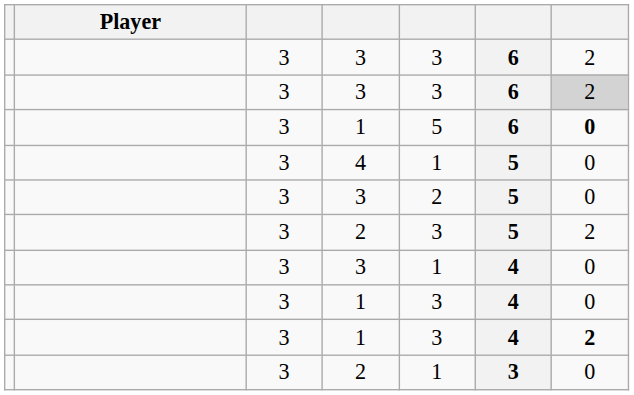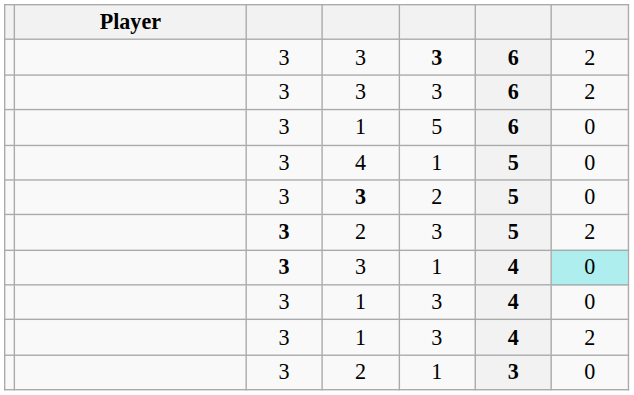 <table class="wikitable sortable" style="text-align: center">
 <tr>
 <th></th>
 <th style="width: 10em;">Player</th>
 <th style="width: 3em;"></th>
 <th style="width: 3em;"></th>
 <th style="width: 3em;"></th>
 <th style="width: 3em;"></th>
 <th style="width: 3em;"></th>
 </tr>
 <tr>
 <td></td>
 <td align="left"></td>
 <td>3</td>
 <td>3</td>
-<td>3</td>
+<td><strong>3</strong></td>
 <th>6</th>
 <td>2</td>
 </tr>
 <tr>
 <td></td>
 <td align="left"></td>
 <td>3</td>
 <td>3</td>
 <td>3</td>
 <th>6</th>
-<td style="background: lightgrey;">2</td>
+<td>2</td>
 </tr>
 <tr>
 <td></td>
 <td align="left"></td>
 <td>3</td>
 <td>1</td>
 <td>5</td>
 <th>6</th>
-<td><strong>0</strong></td>
+<td>0</td>
 </tr>
 <tr>
 <td></td>
 <td align="left"></td>
 <td>3</td>
 <td>4</td>
 <td>1</td>
 <th>5</th>
 <td>0</td>
 </tr>
 <tr>
 <td></td>
 <td align="left"></td>
 <td>3</td>
-<td>3</td>
+<td><strong>3</strong></td>
 <td>2</td>
 <th>5</th>
 <td>0</td>
 </tr>
 <tr>
 <td></td>
 <td align="left"></td>
-<td>3</td>
+<td><strong>3</strong></td>
 <td>2</td>
 <td>3</td>
 <th>5</th>
 <td>2</td>
 </tr>
 <tr>
 <td></td>
 <td align="left"></td>
-<td>3</td>
+<td><strong>3</strong></td>
 <td>3</td>
 <td>1</td>
 <th>4</th>
-<td>0</td>
+<td style="background: paleturquoise;">0</td>
 </tr>
 <tr>
 <td></td>
 <td align="left"></td>
 <td>3</td>
 <td>1</td>
 <td>3</td>
 <th>4</th>
 <td>0</td>
 </tr>
 <tr>
 <td></td>
 <td align="left"></td>
 <td>3</td>
 <td>1</td>
 <td>3</td>
 <th>4</th>
-<td><strong>2</strong></td>
+<td>2</td>
 </tr>
 <tr>
 <td></td>
 <td align="left"></td>
 <td>3</td>
 <td>2</td>
 <td>1</td>
 <th>3</th>
 <td>0</td>
 </tr>
 </table>
